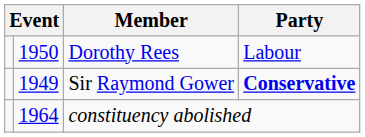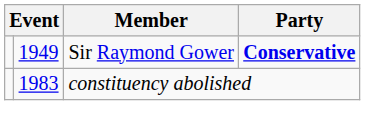 <table class="wikitable">
 <tr>
 <th colspan="2">Event</th>
 <th>Member</th>
 <th>Party</th>
-</tr>
-<tr>
-<td style="color:inherit;background-color: "></td>
-<td><a href='#'>1950</a></td>
-<td><a href='#'>Dorothy Rees</a></td>
-<td><a href='#'>Labour</a></td>
 </tr>
 <tr>
 <td style="color:inherit;background-color: "></td>
 <td><a href='#'>1949</a></td>
 <td>Sir <a href='#'>Raymond Gower</a></td>
 <td><strong><a href='#'>Conservative</a></strong></td>
 </tr>
 <tr>
 <td></td>
-<td><a href='#'>1964</a></td>
+<td><a href='#'>1983</a></td>
 <td colspan="2"><em>constituency abolished</em></td>
 </tr>
 </table>
